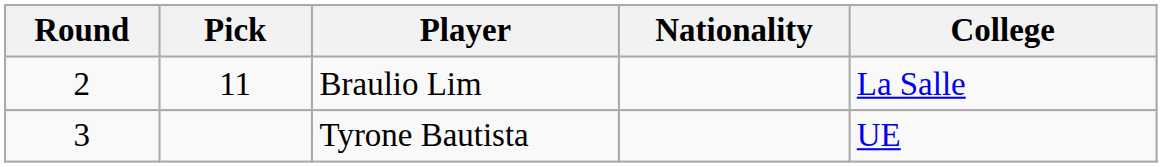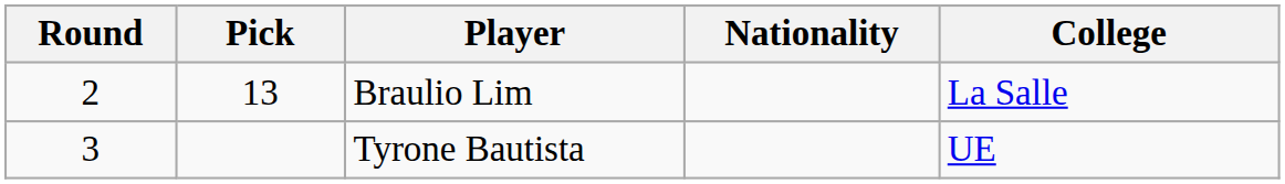 <table class="wikitable sortable sortable">
 <tr>
 <th width="10%">Round</th>
 <th width="10%">Pick</th>
 <th width="20%">Player</th>
 <th width="15%">Nationality</th>
 <th width="20%">College</th>
 </tr>
 <tr>
 <td align="center">2</td>
-<td align="center">11</td>
+<td align="center">13</td>
 <td>Braulio Lim</td>
 <td></td>
 <td><a href='#'>La Salle</a></td>
 </tr>
 <tr>
 <td align="center">3</td>
 <td></td>
 <td>Tyrone Bautista</td>
 <td></td>
 <td><a href='#'>UE</a></td>
 </tr>
 </table>
